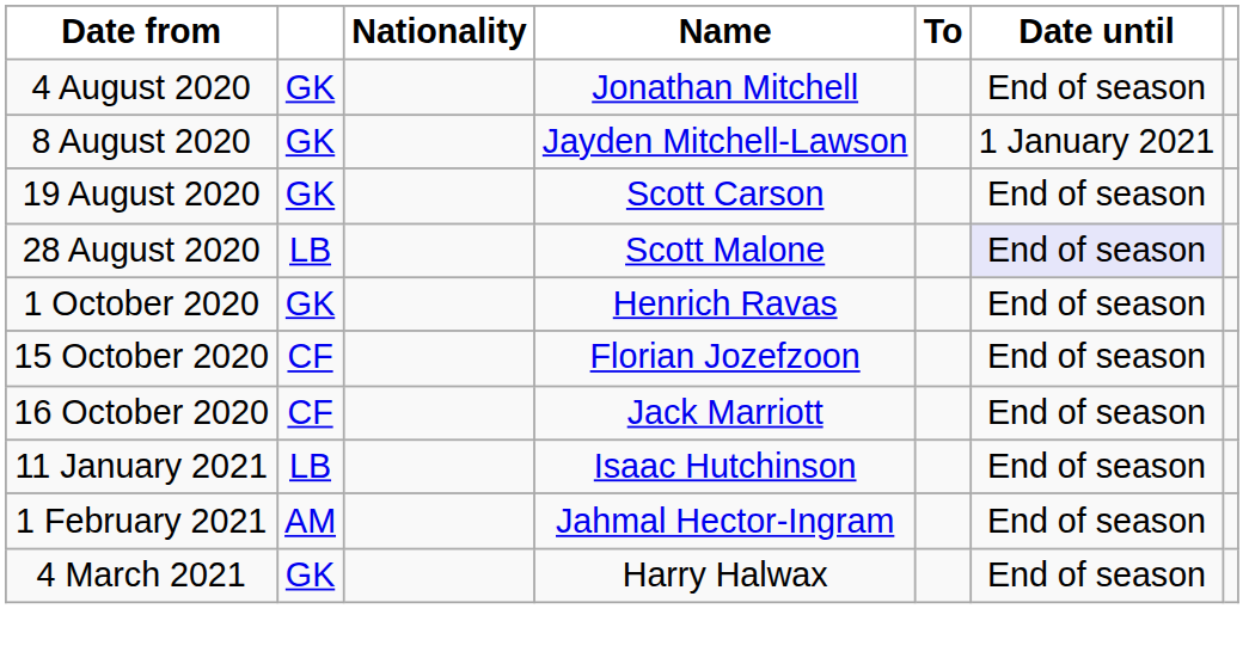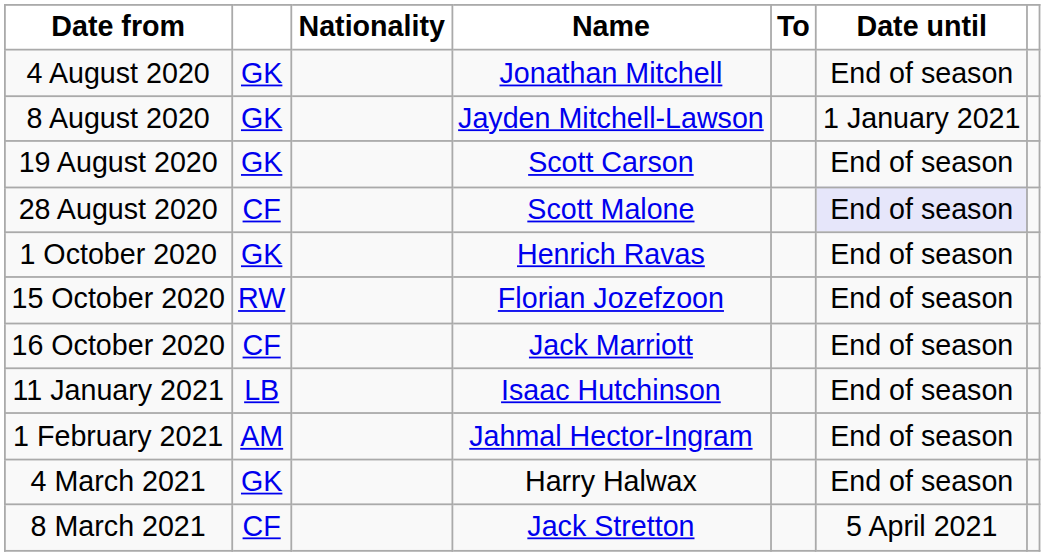 <table class="wikitable" style="text-align:center;">
 <tr>
 <th style="color:#000000; background:#ffffff; ">Date from</th>
 <th style="color:#000000; background:#ffffff; "></th>
 <th style="color:#000000; background:#ffffff; ">Nationality</th>
 <th style="color:#000000; background:#ffffff; ">Name</th>
 <th style="color:#000000; background:#ffffff; ">To</th>
 <th style="color:#000000; background:#ffffff; ">Date until</th>
 <th style="color:#000000; background:#ffffff; "></th>
 </tr>
 <tr>
 <td>4 August 2020</td>
 <td><a href='#'>GK</a></td>
 <td></td>
 <td><a href='#'>Jonathan Mitchell</a></td>
 <td></td>
 <td>End of season</td>
 <td></td>
 </tr>
 <tr>
 <td>8 August 2020</td>
 <td><a href='#'>GK</a></td>
 <td></td>
 <td><a href='#'>Jayden Mitchell-Lawson</a></td>
 <td></td>
 <td>1 January 2021</td>
 <td></td>
 </tr>
 <tr>
 <td>19 August 2020</td>
 <td><a href='#'>GK</a></td>
 <td></td>
 <td><a href='#'>Scott Carson</a></td>
 <td></td>
 <td>End of season</td>
 <td></td>
 </tr>
 <tr>
 <td>28 August 2020</td>
-<td><a href='#'>LB</a></td>
+<td><a href='#'>CF</a></td>
 <td></td>
 <td><a href='#'>Scott Malone</a></td>
 <td></td>
 <td style="background: lavender;">End of season</td>
 <td></td>
 </tr>
 <tr>
 <td>1 October 2020</td>
 <td><a href='#'>GK</a></td>
 <td></td>
 <td><a href='#'>Henrich Ravas</a></td>
 <td></td>
 <td>End of season</td>
 <td></td>
 </tr>
 <tr>
 <td>15 October 2020</td>
-<td><a href='#'>CF</a></td>
+<td><a href='#'>RW</a></td>
 <td></td>
 <td><a href='#'>Florian Jozefzoon</a></td>
 <td></td>
 <td>End of season</td>
 <td></td>
 </tr>
 <tr>
 <td>16 October 2020</td>
 <td><a href='#'>CF</a></td>
 <td></td>
 <td><a href='#'>Jack Marriott</a></td>
 <td></td>
 <td>End of season</td>
 <td></td>
 </tr>
 <tr>
 <td>11 January 2021</td>
 <td><a href='#'>LB</a></td>
 <td></td>
 <td><a href='#'>Isaac Hutchinson</a></td>
 <td></td>
 <td>End of season</td>
 <td></td>
 </tr>
 <tr>
 <td>1 February 2021</td>
 <td><a href='#'>AM</a></td>
 <td></td>
 <td><a href='#'>Jahmal Hector-Ingram</a></td>
 <td></td>
 <td>End of season</td>
 <td></td>
 </tr>
 <tr>
 <td>4 March 2021</td>
 <td><a href='#'>GK</a></td>
 <td></td>
 <td>Harry Halwax</td>
 <td></td>
 <td>End of season</td>
 <td></td>
 </tr>
+<tr>
+<td>8 March 2021</td>
+<td><a href='#'>CF</a></td>
+<td></td>
+<td><a href='#'>Jack Stretton</a></td>
+<td></td>
+<td>5 April 2021</td>
+<td></td>
+</tr>
 </table>
